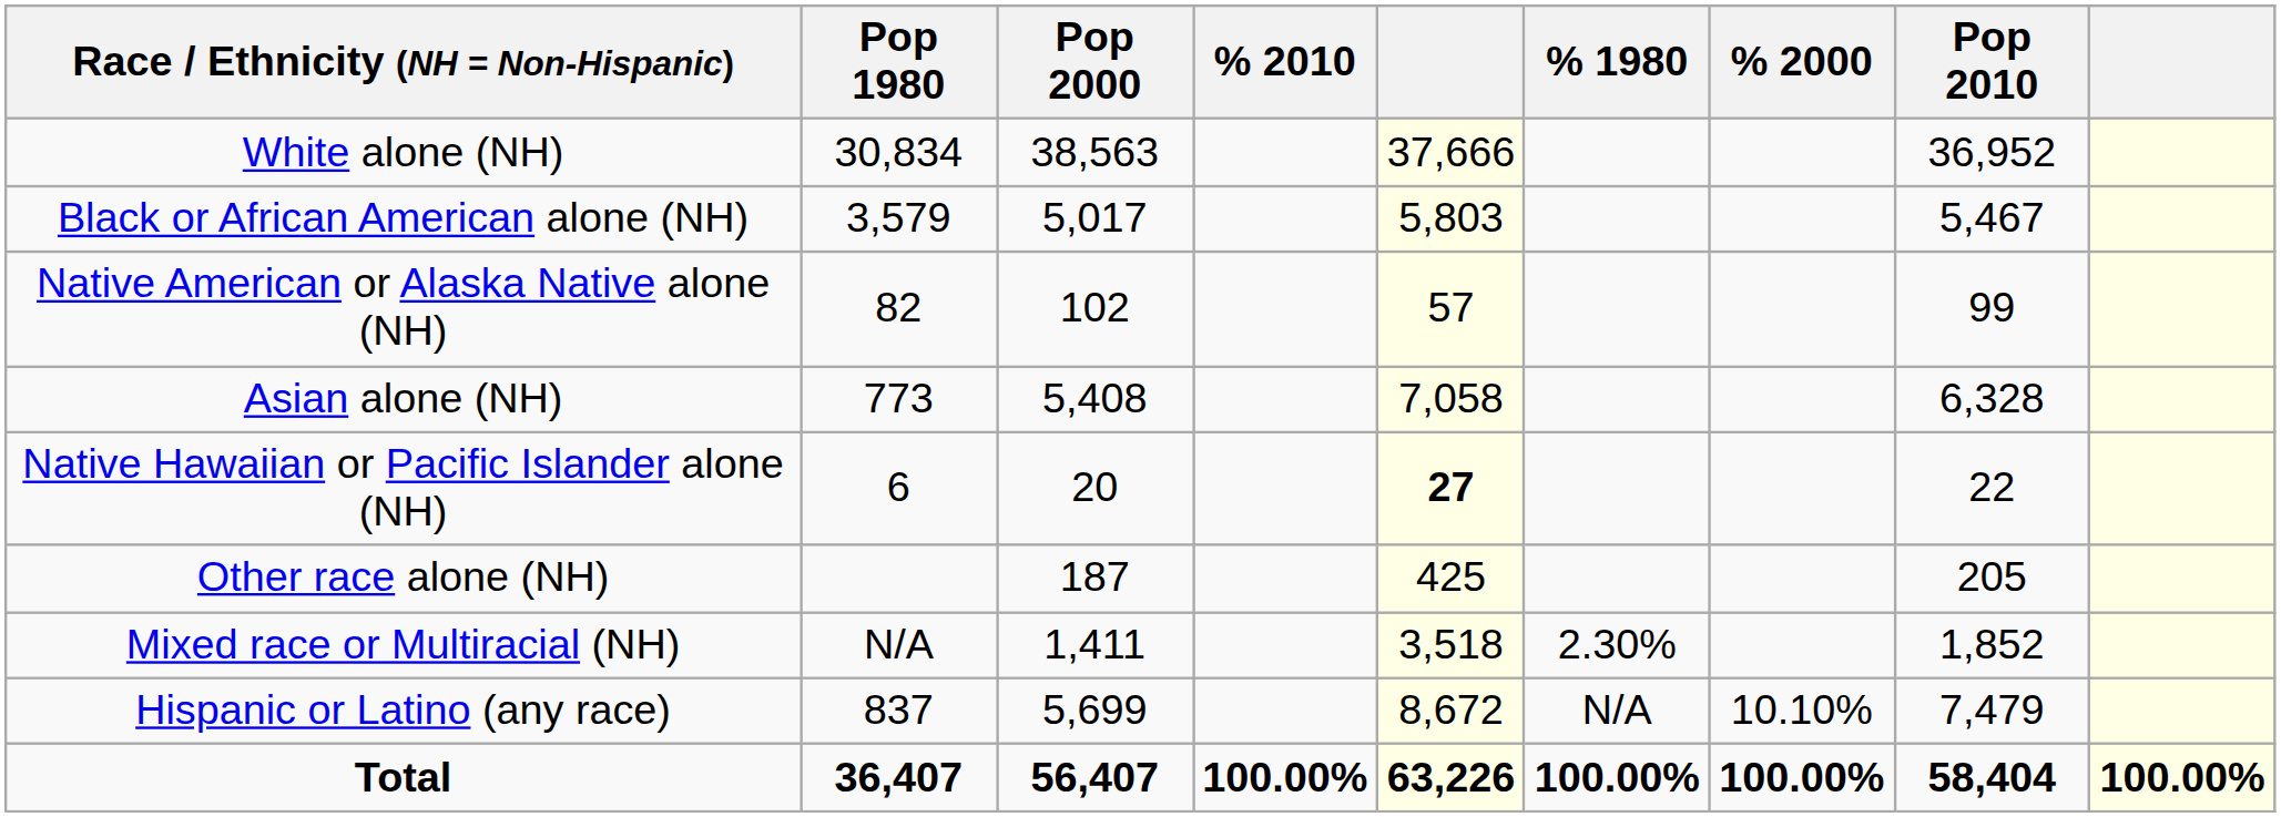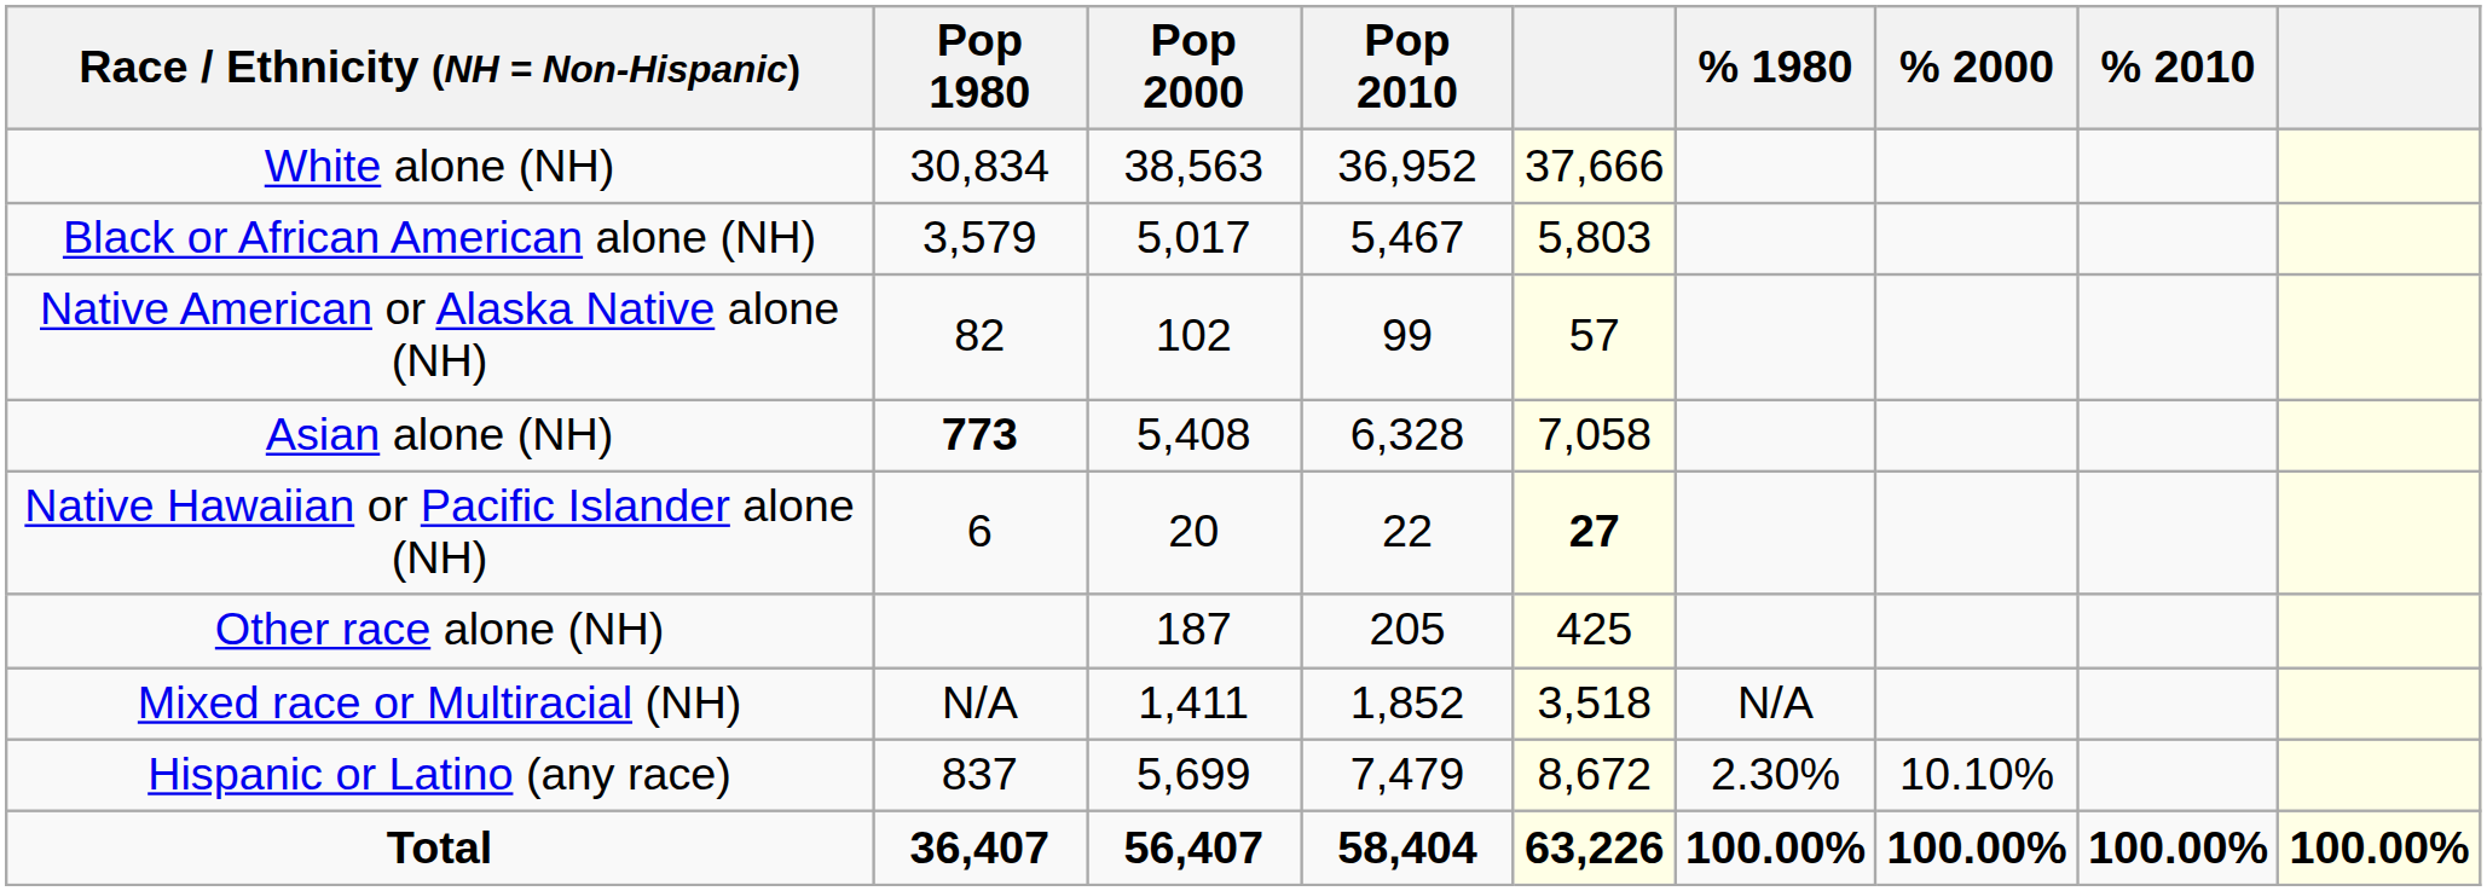 <table class="wikitable" style="text-align:center;">
 <tr>
 <th>Race / Ethnicity <small>(<em>NH = Non-Hispanic</em>)</small></th>
 <th>Pop 1980</th>
 <th>Pop 2000</th>
-<th>% 2010</th>
+<th>Pop 2010</th>
 <th></th>
 <th>% 1980</th>
 <th>% 2000</th>
-<th>Pop 2010</th>
+<th>% 2010</th>
 <th></th>
 </tr>
 <tr>
 <td><a href='#'>White</a> alone (NH)</td>
 <td>30,834</td>
 <td>38,563</td>
-<td></td>
+<td>36,952</td>
 <td style='background: #ffffe6;'>37,666</td>
 <td></td>
 <td></td>
-<td>36,952</td>
+<td></td>
 <td style='background: #ffffe6;'></td>
 </tr>
 <tr>
 <td><a href='#'>Black or African American</a> alone (NH)</td>
 <td>3,579</td>
 <td>5,017</td>
-<td></td>
+<td>5,467</td>
 <td style='background: #ffffe6;'>5,803</td>
 <td></td>
 <td></td>
-<td>5,467</td>
+<td></td>
 <td style='background: #ffffe6;'></td>
 </tr>
 <tr>
 <td><a href='#'>Native American</a> or <a href='#'>Alaska Native</a> alone (NH)</td>
 <td>82</td>
 <td>102</td>
-<td></td>
+<td>99</td>
 <td style='background: #ffffe6;'>57</td>
 <td></td>
 <td></td>
-<td>99</td>
+<td></td>
 <td style='background: #ffffe6;'></td>
 </tr>
 <tr>
 <td><a href='#'>Asian</a> alone (NH)</td>
-<td>773</td>
+<td><strong>773</strong></td>
 <td>5,408</td>
-<td></td>
+<td>6,328</td>
 <td style='background: #ffffe6;'>7,058</td>
 <td></td>
 <td></td>
-<td>6,328</td>
+<td></td>
 <td style='background: #ffffe6;'></td>
 </tr>
 <tr>
 <td><a href='#'>Native Hawaiian</a> or <a href='#'>Pacific Islander</a> alone (NH)</td>
 <td>6</td>
 <td>20</td>
-<td></td>
+<td>22</td>
 <td style='background: #ffffe6;'><strong>27</strong></td>
 <td></td>
 <td></td>
-<td>22</td>
+<td></td>
 <td style='background: #ffffe6;'></td>
 </tr>
 <tr>
 <td><a href='#'>Other race</a> alone (NH)</td>
 <td></td>
 <td>187</td>
-<td></td>
+<td>205</td>
 <td style='background: #ffffe6;'>425</td>
 <td></td>
 <td></td>
-<td>205</td>
+<td></td>
 <td style='background: #ffffe6;'></td>
 </tr>
 <tr>
 <td><a href='#'>Mixed race or Multiracial</a> (NH)</td>
 <td>N/A</td>
 <td>1,411</td>
+<td>1,852</td>
+<td style='background: #ffffe6;'>3,518</td>
+<td>N/A</td>
 <td></td>
-<td style='background: #ffffe6;'>3,518</td>
-<td>2.30%</td>
 <td></td>
-<td>1,852</td>
 <td style='background: #ffffe6;'></td>
 </tr>
 <tr>
 <td><a href='#'>Hispanic or Latino</a> (any race)</td>
 <td>837</td>
 <td>5,699</td>
+<td>7,479</td>
+<td style='background: #ffffe6;'>8,672</td>
+<td>2.30%</td>
+<td>10.10%</td>
 <td></td>
-<td style='background: #ffffe6;'>8,672</td>
-<td>N/A</td>
-<td>10.10%</td>
-<td>7,479</td>
 <td style='background: #ffffe6;'></td>
 </tr>
 <tr>
 <td><strong>Total</strong></td>
 <td><strong>36,407</strong></td>
 <td><strong>56,407</strong></td>
-<td><strong>100.00%</strong></td>
+<td><strong>58,404</strong></td>
 <td style='background: #ffffe6;'><strong>63,226</strong></td>
 <td><strong>100.00%</strong></td>
 <td><strong>100.00%</strong></td>
-<td><strong>58,404</strong></td>
+<td><strong>100.00%</strong></td>
 <td style='background: #ffffe6;'><strong>100.00%</strong></td>
 </tr>
 </table>
